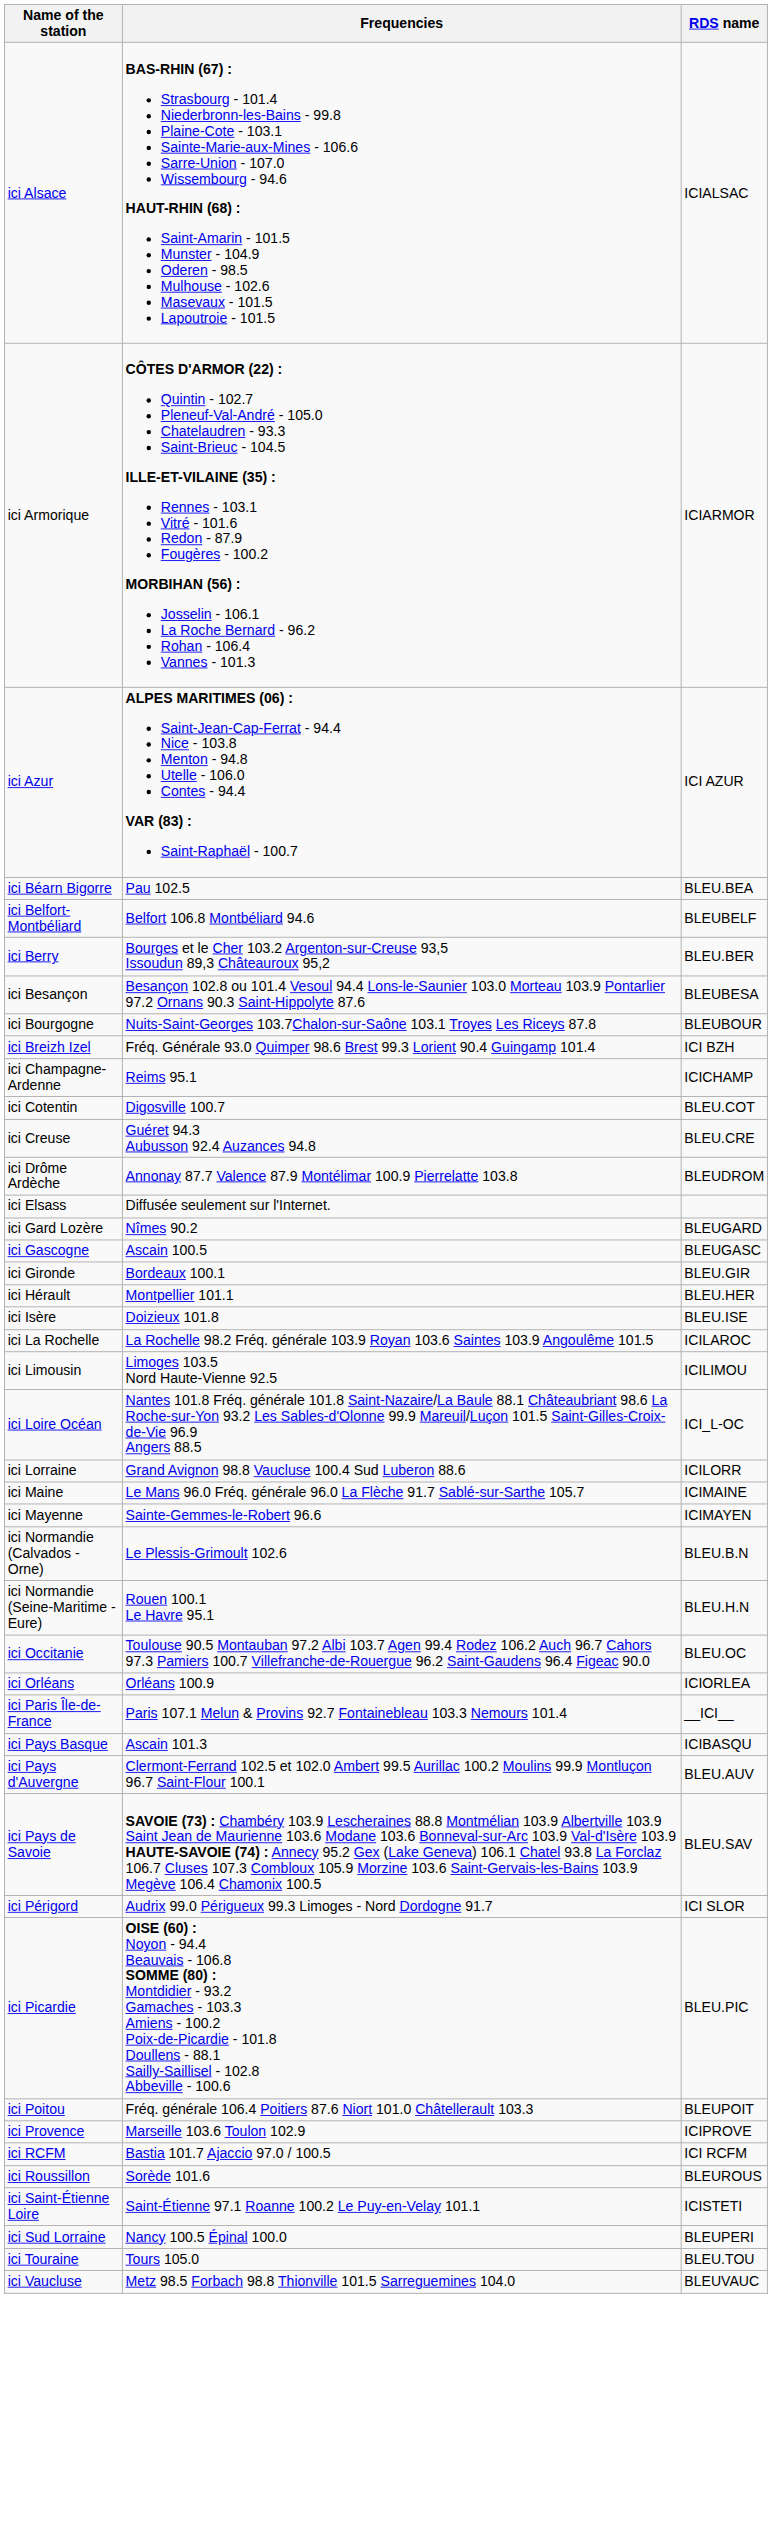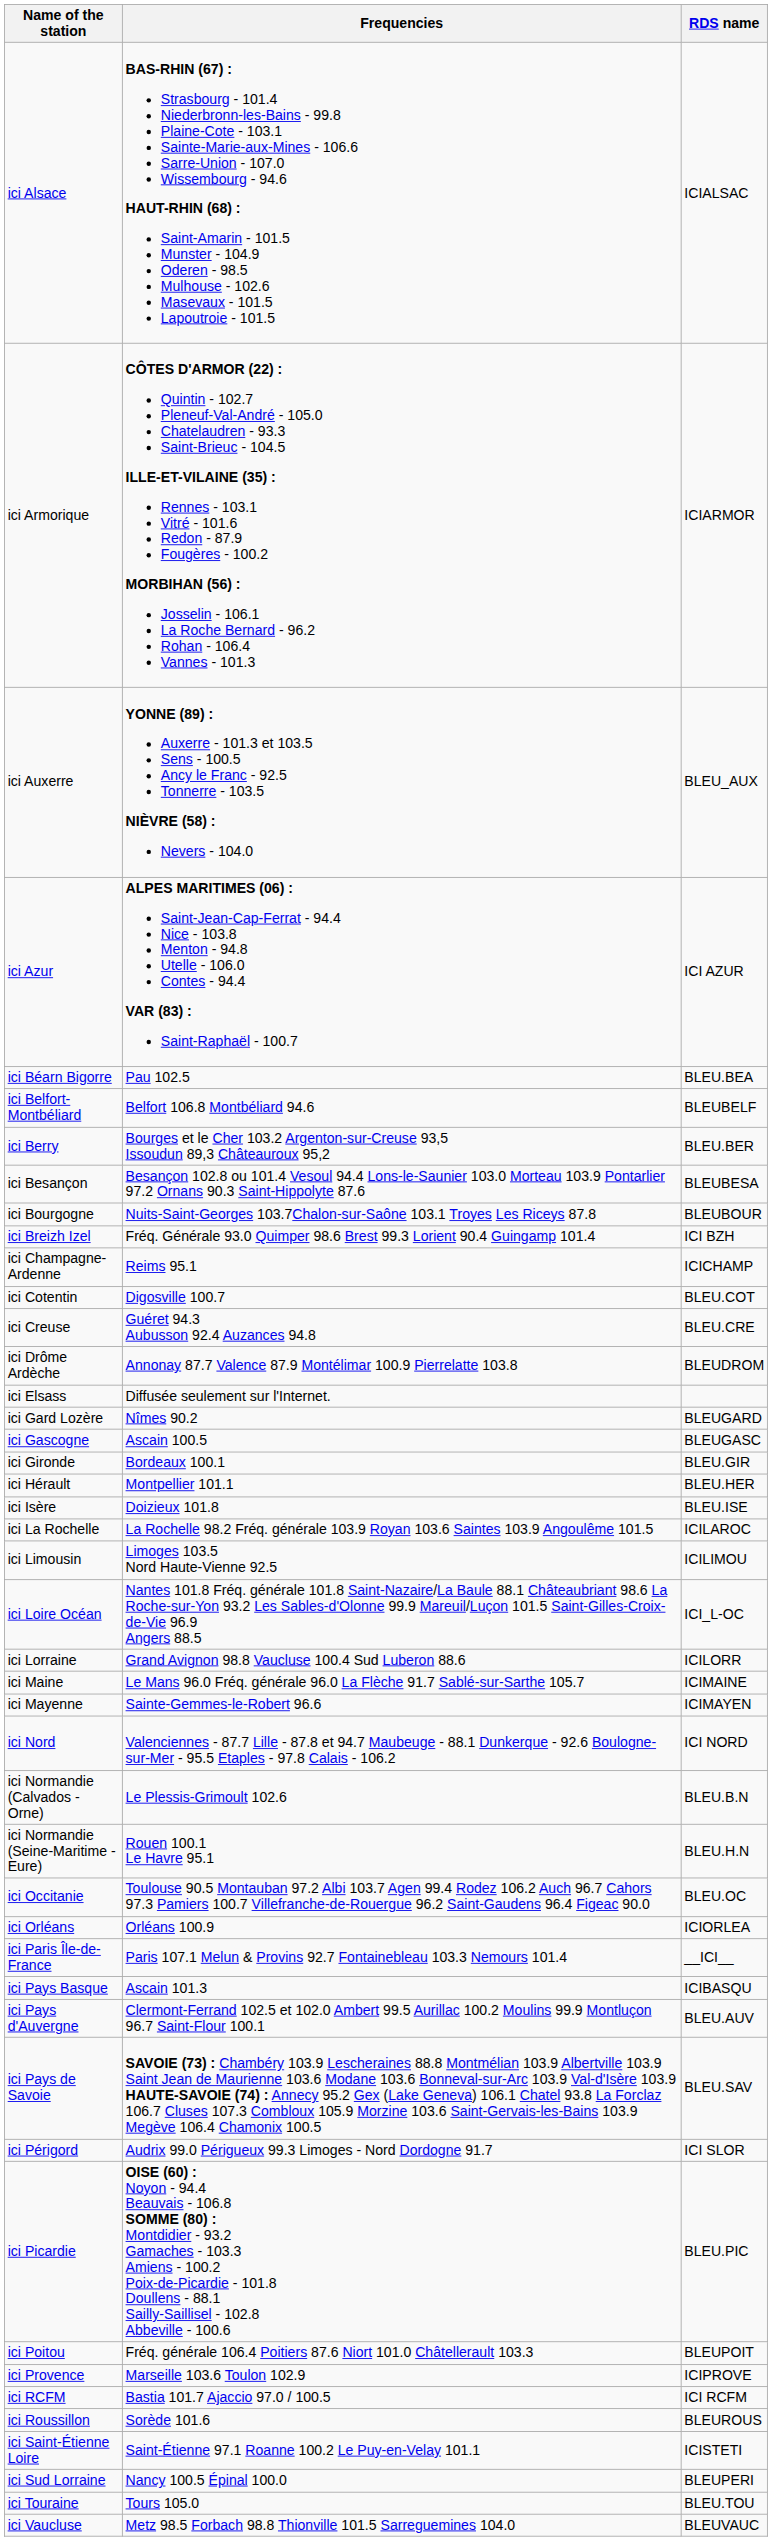 <table class="wikitable">
 <tr>
 <th>Name of the station</th>
 <th>Frequencies</th>
 <th><a href='#'>RDS</a> name</th>
 </tr>
 <tr>
 <td><a href='#'>ici Alsace</a></td>
 <td><br><strong>BAS-RHIN (67) :</strong><ul><li><a href='#'>Strasbourg</a> - 101.4</li><li><a href='#'>Niederbronn-les-Bains</a> - 99.8</li><li><a href='#'>Plaine-Cote</a> - 103.1</li><li><a href='#'>Sainte-Marie-aux-Mines</a> - 106.6</li><li><a href='#'>Sarre-Union</a> - 107.0</li><li><a href='#'>Wissembourg</a> - 94.6</li></ul><strong>HAUT-RHIN (68) :</strong><ul><li><a href='#'>Saint-Amarin</a> - 101.5</li><li><a href='#'>Munster</a> - 104.9</li><li><a href='#'>Oderen</a> - 98.5</li><li><a href='#'>Mulhouse</a> - 102.6</li><li><a href='#'>Masevaux</a> - 101.5</li><li><a href='#'>Lapoutroie</a> - 101.5</li></ul></td>
 <td>ICIALSAC</td>
 </tr>
 <tr>
 <td>ici Armorique</td>
 <td><br><strong>CÔTES D'ARMOR (22) :</strong><ul><li><a href='#'>Quintin</a> - 102.7</li><li><a href='#'>Pleneuf-Val-André</a> - 105.0</li><li><a href='#'>Chatelaudren</a> - 93.3</li><li><a href='#'>Saint-Brieuc</a> - 104.5</li></ul><strong>ILLE-ET-VILAINE (35) :</strong><ul><li><a href='#'>Rennes</a> - 103.1</li><li><a href='#'>Vitré</a> - 101.6</li><li><a href='#'>Redon</a> - 87.9</li><li><a href='#'>Fougères</a> - 100.2</li></ul><strong>MORBIHAN (56) :</strong><ul><li><a href='#'>Josselin</a> - 106.1</li><li><a href='#'>La Roche Bernard</a> - 96.2</li><li><a href='#'>Rohan</a> - 106.4</li><li><a href='#'>Vannes</a> - 101.3</li></ul></td>
 <td>ICIARMOR</td>
+</tr>
+<tr>
+<td>ici Auxerre</td>
+<td><br><strong>YONNE (89) :</strong><ul><li><a href='#'>Auxerre</a> - 101.3 et 103.5</li><li><a href='#'>Sens</a> - 100.5</li><li><a href='#'>Ancy le Franc</a> - 92.5</li><li><a href='#'>Tonnerre</a> - 103.5</li></ul><strong>NIÈVRE (58) :</strong><ul><li><a href='#'>Nevers</a> - 104.0</li></ul></td>
+<td>BLEU_AUX</td>
 </tr>
 <tr>
 <td><a href='#'>ici Azur</a></td>
 <td><strong>ALPES MARITIMES (06) :</strong><br><ul><li><a href='#'>Saint-Jean-Cap-Ferrat</a> - 94.4</li><li><a href='#'>Nice</a> - 103.8</li><li><a href='#'>Menton</a> - 94.8</li><li><a href='#'>Utelle</a> - 106.0</li><li><a href='#'>Contes</a> - 94.4</li></ul><strong>VAR (83) :</strong><ul><li><a href='#'>Saint-Raphaël</a> - 100.7</li></ul></td>
 <td>ICI AZUR</td>
 </tr>
 <tr>
 <td><a href='#'>ici Béarn Bigorre</a></td>
 <td><a href='#'>Pau</a> 102.5</td>
 <td>BLEU.BEA</td>
 </tr>
 <tr>
 <td><a href='#'>ici Belfort-Montbéliard</a></td>
 <td><a href='#'>Belfort</a> 106.8  <a href='#'>Montbéliard</a> 94.6</td>
 <td>BLEUBELF</td>
 </tr>
 <tr>
 <td><a href='#'>ici Berry</a></td>
 <td><a href='#'>Bourges</a> et le <a href='#'>Cher</a> 103.2  <a href='#'>Argenton-sur-Creuse</a> 93,5<br><a href='#'>Issoudun</a> 89,3 <a href='#'>Châteauroux</a> 95,2</td>
 <td>BLEU.BER</td>
 </tr>
 <tr>
 <td>ici Besançon</td>
 <td><a href='#'>Besançon</a> 102.8 ou 101.4  <a href='#'>Vesoul</a> 94.4  <a href='#'>Lons-le-Saunier</a> 103.0  <a href='#'>Morteau</a> 103.9  <a href='#'>Pontarlier</a> 97.2  <a href='#'>Ornans</a> 90.3  <a href='#'>Saint-Hippolyte</a> 87.6 </td>
 <td>BLEUBESA</td>
 </tr>
 <tr>
 <td>ici Bourgogne</td>
 <td><a href='#'>Nuits-Saint-Georges</a> 103.7<a href='#'>Chalon-sur-Saône</a> 103.1  <a href='#'>Troyes</a> <a href='#'>Les Riceys</a> 87.8</td>
 <td>BLEUBOUR</td>
 </tr>
 <tr>
 <td><a href='#'>ici Breizh Izel</a></td>
 <td>Fréq. Générale 93.0  <a href='#'>Quimper</a> 98.6  <a href='#'>Brest</a> 99.3  <a href='#'>Lorient</a> 90.4  <a href='#'>Guingamp</a> 101.4</td>
 <td>ICI BZH</td>
 </tr>
 <tr>
 <td>ici Champagne-Ardenne</td>
 <td><a href='#'>Reims</a> 95.1</td>
 <td>ICICHAMP</td>
 </tr>
 <tr>
 <td>ici Cotentin</td>
 <td><a href='#'>Digosville</a> 100.7</td>
 <td>BLEU.COT</td>
 </tr>
 <tr>
 <td>ici Creuse</td>
 <td><a href='#'>Guéret</a> 94.3<br><a href='#'>Aubusson</a> 92.4 <a href='#'>Auzances</a> 94.8</td>
 <td>BLEU.CRE</td>
 </tr>
 <tr>
 <td>ici Drôme Ardèche</td>
 <td><a href='#'>Annonay</a> 87.7  <a href='#'>Valence</a> 87.9  <a href='#'>Montélimar</a> 100.9  <a href='#'>Pierrelatte</a> 103.8</td>
 <td>BLEUDROM</td>
 </tr>
 <tr>
 <td>ici Elsass</td>
 <td>Diffusée seulement sur l'Internet.</td>
 <td></td>
 </tr>
 <tr>
 <td>ici Gard Lozère</td>
 <td><a href='#'>Nîmes</a> 90.2</td>
 <td>BLEUGARD</td>
 </tr>
 <tr>
 <td><a href='#'>ici Gascogne</a></td>
 <td><a href='#'>Ascain</a> 100.5</td>
 <td>BLEUGASC</td>
 </tr>
 <tr>
 <td>ici Gironde</td>
 <td><a href='#'>Bordeaux</a> 100.1</td>
 <td>BLEU.GIR</td>
 </tr>
 <tr>
 <td>ici Hérault</td>
 <td><a href='#'>Montpellier</a> 101.1</td>
 <td>BLEU.HER</td>
 </tr>
 <tr>
 <td>ici Isère</td>
 <td><a href='#'>Doizieux</a> 101.8</td>
 <td>BLEU.ISE</td>
 </tr>
 <tr>
 <td>ici La Rochelle</td>
 <td><a href='#'>La Rochelle</a> 98.2  Fréq. générale 103.9  <a href='#'>Royan</a> 103.6  <a href='#'>Saintes</a> 103.9  <a href='#'>Angoulême</a> 101.5</td>
 <td>ICILAROC</td>
 </tr>
 <tr>
 <td>ici Limousin</td>
 <td><a href='#'>Limoges</a> 103.5<br>Nord Haute-Vienne 92.5</td>
 <td>ICILIMOU</td>
 </tr>
 <tr>
 <td><a href='#'>ici Loire Océan</a></td>
 <td><a href='#'>Nantes</a> 101.8  Fréq. générale 101.8  <a href='#'>Saint-Nazaire</a>/<a href='#'>La Baule</a> 88.1  <a href='#'>Châteaubriant</a> 98.6  <a href='#'>La Roche-sur-Yon</a> 93.2  <a href='#'>Les Sables-d'Olonne</a> 99.9  <a href='#'>Mareuil</a>/<a href='#'>Luçon</a> 101.5  <a href='#'>Saint-Gilles-Croix-de-Vie</a> 96.9<br><a href='#'>Angers</a> 88.5</td>
 <td>ICI_L-OC</td>
 </tr>
 <tr>
 <td>ici Lorraine</td>
 <td><a href='#'>Grand Avignon</a> 98.8  <a href='#'>Vaucluse</a> 100.4  Sud <a href='#'>Luberon</a> 88.6</td>
 <td>ICILORR</td>
 </tr>
 <tr>
 <td>ici Maine</td>
 <td><a href='#'>Le Mans</a> 96.0  Fréq. générale 96.0  <a href='#'>La Flèche</a> 91.7  <a href='#'>Sablé-sur-Sarthe</a> 105.7</td>
 <td>ICIMAINE</td>
 </tr>
 <tr>
 <td>ici Mayenne</td>
 <td><a href='#'>Sainte-Gemmes-le-Robert</a> 96.6</td>
 <td>ICIMAYEN</td>
 </tr>
 <tr>
+<td><a href='#'>ici Nord</a></td>
+<td><br><a href='#'>Valenciennes</a> - 87.7 <a href='#'>Lille</a> - 87.8 et 94.7 <a href='#'>Maubeuge</a> - 88.1 <a href='#'>Dunkerque</a> - 92.6 <a href='#'>Boulogne-sur-Mer</a> - 95.5 <a href='#'>Etaples</a> - 97.8 <a href='#'>Calais</a> - 106.2</td>
+<td>ICI NORD</td>
+</tr>
+<tr>
 <td>ici Normandie (Calvados - Orne)</td>
 <td><a href='#'>Le Plessis-Grimoult</a> 102.6</td>
 <td>BLEU.B.N</td>
 </tr>
 <tr>
 <td>ici Normandie (Seine-Maritime - Eure)</td>
 <td><a href='#'>Rouen</a> 100.1<br><a href='#'>Le Havre</a> 95.1</td>
 <td>BLEU.H.N</td>
 </tr>
 <tr>
 <td><a href='#'>ici Occitanie</a></td>
 <td><a href='#'>Toulouse</a> 90.5  <a href='#'>Montauban</a> 97.2  <a href='#'>Albi</a> 103.7  <a href='#'>Agen</a> 99.4  <a href='#'>Rodez</a> 106.2   <a href='#'>Auch</a> 96.7   <a href='#'>Cahors</a> 97.3   <a href='#'>Pamiers</a> 100.7  <a href='#'>Villefranche-de-Rouergue</a> 96.2   <a href='#'>Saint-Gaudens</a> 96.4   <a href='#'>Figeac</a> 90.0</td>
 <td>BLEU.OC</td>
 </tr>
 <tr>
 <td><a href='#'>ici Orléans</a></td>
 <td><a href='#'>Orléans</a> 100.9</td>
 <td>ICIORLEA</td>
 </tr>
 <tr>
 <td><a href='#'>ici Paris Île-de-France</a></td>
 <td><a href='#'>Paris</a> 107.1  <a href='#'>Melun</a> & <a href='#'>Provins</a> 92.7  <a href='#'>Fontainebleau</a> 103.3  <a href='#'>Nemours</a> 101.4</td>
 <td>__ICI__</td>
 </tr>
 <tr>
 <td><a href='#'>ici Pays Basque</a></td>
 <td><a href='#'>Ascain</a> 101.3</td>
 <td>ICIBASQU</td>
 </tr>
 <tr>
 <td><a href='#'>ici Pays d'Auvergne</a></td>
 <td><a href='#'>Clermont-Ferrand</a> 102.5 et 102.0 <a href='#'>Ambert</a> 99.5 <a href='#'>Aurillac</a> 100.2 <a href='#'>Moulins</a> 99.9 <a href='#'>Montluçon</a> 96.7 <a href='#'>Saint-Flour</a> 100.1</td>
 <td>BLEU.AUV</td>
 </tr>
 <tr>
 <td><a href='#'>ici Pays de Savoie</a></td>
 <td><br><strong>SAVOIE (73) :</strong>  <a href='#'>Chambéry</a> 103.9  <a href='#'>Lescheraines</a> 88.8  <a href='#'>Montmélian</a> 103.9  <a href='#'>Albertville</a> 103.9  <a href='#'>Saint Jean de Maurienne</a> 103.6  <a href='#'>Modane</a> 103.6  <a href='#'>Bonneval-sur-Arc</a> 103.9  <a href='#'>Val-d'Isère</a> 103.9 <strong>HAUTE-SAVOIE (74) :</strong> <a href='#'>Annecy</a> 95.2  <a href='#'>Gex</a> (<a href='#'>Lake Geneva</a>) 106.1  <a href='#'>Chatel</a> 93.8  <a href='#'>La Forclaz</a> 106.7  <a href='#'>Cluses</a> 107.3  <a href='#'>Combloux</a> 105.9  <a href='#'>Morzine</a> 103.6  <a href='#'>Saint-Gervais-les-Bains</a> 103.9   <a href='#'>Megève</a> 106.4  <a href='#'>Chamonix</a> 100.5</td>
 <td>BLEU.SAV</td>
 </tr>
 <tr>
 <td><a href='#'>ici Périgord</a></td>
 <td><a href='#'>Audrix</a> 99.0  <a href='#'>Périgueux</a> 99.3  Limoges - Nord <a href='#'>Dordogne</a> 91.7</td>
 <td>ICI SLOR</td>
 </tr>
 <tr>
 <td><a href='#'>ici Picardie</a></td>
 <td><strong>OISE (60) :</strong><br><a href='#'>Noyon</a> - 94.4<br><a href='#'>Beauvais</a> - 106.8<br><strong>SOMME (80) :</strong><br><a href='#'>Montdidier</a> - 93.2<br><a href='#'>Gamaches</a> - 103.3<br><a href='#'>Amiens</a> - 100.2<br><a href='#'>Poix-de-Picardie</a> - 101.8<br><a href='#'>Doullens</a> - 88.1<br><a href='#'>Sailly-Saillisel</a> - 102.8<br><a href='#'>Abbeville</a> - 100.6</td>
 <td>BLEU.PIC</td>
 </tr>
 <tr>
 <td><a href='#'>ici Poitou</a></td>
 <td>Fréq. générale 106.4  <a href='#'>Poitiers</a> 87.6  <a href='#'>Niort</a> 101.0  <a href='#'>Châtellerault</a> 103.3</td>
 <td>BLEUPOIT</td>
 </tr>
 <tr>
 <td><a href='#'>ici Provence</a></td>
 <td><a href='#'>Marseille</a> 103.6  <a href='#'>Toulon</a> 102.9</td>
 <td>ICIPROVE</td>
 </tr>
 <tr>
 <td><a href='#'>ici RCFM</a></td>
 <td><a href='#'>Bastia</a> 101.7  <a href='#'>Ajaccio</a> 97.0 / 100.5</td>
 <td>ICI RCFM</td>
 </tr>
 <tr>
 <td><a href='#'>ici Roussillon</a></td>
 <td><a href='#'>Sorède</a> 101.6</td>
 <td>BLEUROUS</td>
 </tr>
 <tr>
 <td><a href='#'>ici Saint-Étienne Loire</a></td>
 <td><a href='#'>Saint-Étienne</a> 97.1  <a href='#'>Roanne</a> 100.2  <a href='#'>Le Puy-en-Velay</a> 101.1</td>
 <td>ICISTETI</td>
 </tr>
 <tr>
 <td><a href='#'>ici Sud Lorraine</a></td>
 <td><a href='#'>Nancy</a> 100.5  <a href='#'>Épinal</a> 100.0</td>
 <td>BLEUPERI</td>
 </tr>
 <tr>
 <td><a href='#'>ici Touraine</a></td>
 <td><a href='#'>Tours</a> 105.0</td>
 <td>BLEU.TOU</td>
 </tr>
 <tr>
 <td><a href='#'>ici Vaucluse</a></td>
 <td><a href='#'>Metz</a> 98.5  <a href='#'>Forbach</a> 98.8  <a href='#'>Thionville</a> 101.5  <a href='#'>Sarreguemines</a> 104.0</td>
 <td>BLEUVAUC</td>
 </tr>
 </table>
